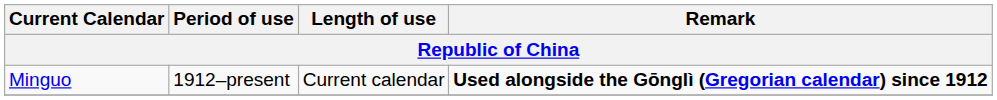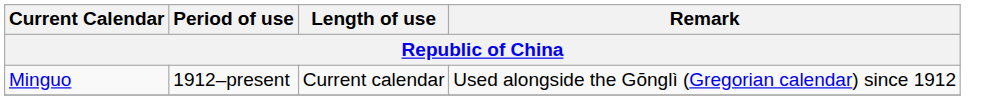 <table class="wikitable">
 <tr>
 <th>Current Calendar</th>
 <th>Period of use</th>
 <th>Length of use</th>
 <th>Remark</th>
 </tr>
 <tr>
 <th colspan="4"><a href='#'>Republic of China</a><br></th>
 </tr>
 <tr>
 <td><a href='#'>Minguo</a><br></td>
 <td>1912–present</td>
 <td>Current calendar</td>
-<td><strong>Used alongside the Gōnglì  (<a href='#'>Gregorian calendar</a>) since 1912</strong></td>
+<td>Used alongside the Gōnglì  (<a href='#'>Gregorian calendar</a>) since 1912</td>
 </tr>
 <tr>
 </tr>
 </table>
